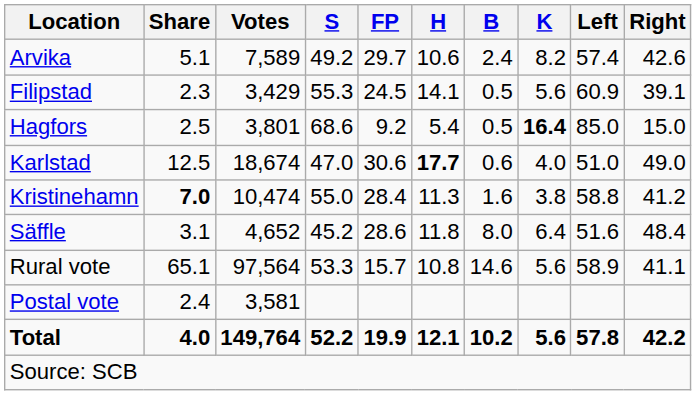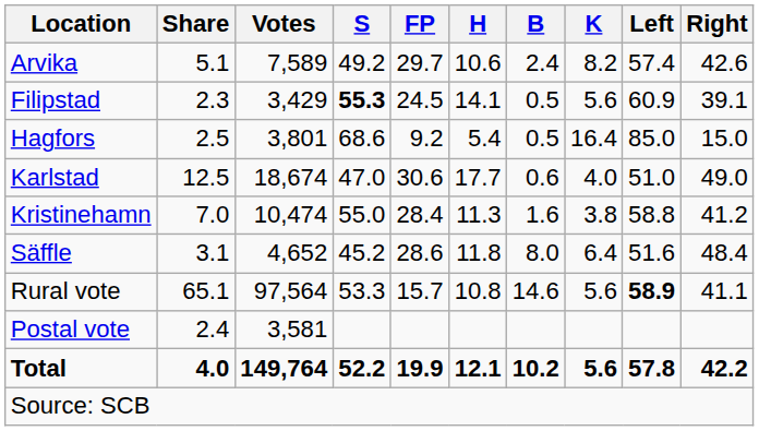 <table class="wikitable sortable" style=text-align:right>
 <tr>
 <th>Location</th>
 <th>Share</th>
 <th>Votes</th>
 <th><a href='#'>S</a></th>
 <th><a href='#'>FP</a></th>
 <th><a href='#'>H</a></th>
 <th><a href='#'>B</a></th>
 <th><a href='#'>K</a></th>
 <th>Left</th>
 <th>Right</th>
 </tr>
 <tr>
 <td align=left><a href='#'>Arvika</a></td>
 <td>5.1</td>
 <td>7,589</td>
 <td>49.2</td>
 <td>29.7</td>
 <td>10.6</td>
 <td>2.4</td>
 <td>8.2</td>
 <td>57.4</td>
 <td>42.6</td>
 </tr>
 <tr>
 <td align=left><a href='#'>Filipstad</a></td>
 <td>2.3</td>
 <td>3,429</td>
-<td>55.3</td>
+<td><strong>55.3</strong></td>
 <td>24.5</td>
 <td>14.1</td>
 <td>0.5</td>
 <td>5.6</td>
 <td>60.9</td>
 <td>39.1</td>
 </tr>
 <tr>
 <td align=left><a href='#'>Hagfors</a></td>
 <td>2.5</td>
 <td>3,801</td>
 <td>68.6</td>
 <td>9.2</td>
 <td>5.4</td>
 <td>0.5</td>
-<td><strong>16.4</strong></td>
+<td>16.4</td>
 <td>85.0</td>
 <td>15.0</td>
 </tr>
 <tr>
 <td align=left><a href='#'>Karlstad</a></td>
 <td>12.5</td>
 <td>18,674</td>
 <td>47.0</td>
 <td>30.6</td>
-<td><strong>17.7</strong></td>
+<td>17.7</td>
 <td>0.6</td>
 <td>4.0</td>
 <td>51.0</td>
 <td>49.0</td>
 </tr>
 <tr>
 <td align=left><a href='#'>Kristinehamn</a></td>
-<td><strong>7.0</strong></td>
+<td>7.0</td>
 <td>10,474</td>
 <td>55.0</td>
 <td>28.4</td>
 <td>11.3</td>
 <td>1.6</td>
 <td>3.8</td>
 <td>58.8</td>
 <td>41.2</td>
 </tr>
 <tr>
 <td align=left><a href='#'>Säffle</a></td>
 <td>3.1</td>
 <td>4,652</td>
 <td>45.2</td>
 <td>28.6</td>
 <td>11.8</td>
 <td>8.0</td>
 <td>6.4</td>
 <td>51.6</td>
 <td>48.4</td>
 </tr>
 <tr>
 <td align=left>Rural vote</td>
 <td>65.1</td>
 <td>97,564</td>
 <td>53.3</td>
 <td>15.7</td>
 <td>10.8</td>
 <td>14.6</td>
 <td>5.6</td>
-<td>58.9</td>
+<td><strong>58.9</strong></td>
 <td>41.1</td>
 </tr>
 <tr>
 <td align=left><a href='#'>Postal vote</a></td>
 <td>2.4</td>
 <td>3,581</td>
 <td></td>
 <td></td>
 <td></td>
 <td></td>
 <td></td>
 <td></td>
 <td></td>
 </tr>
 <tr>
 <td align=left><strong>Total</strong></td>
 <td><strong>4.0</strong></td>
 <td><strong>149,764</strong></td>
 <td><strong>52.2</strong></td>
 <td><strong>19.9</strong></td>
 <td><strong>12.1</strong></td>
 <td><strong>10.2</strong></td>
 <td><strong>5.6</strong></td>
 <td><strong>57.8</strong></td>
 <td><strong>42.2</strong></td>
 </tr>
 <tr>
 <td align=left colspan=10>Source: SCB </td>
 </tr>
 </table>
